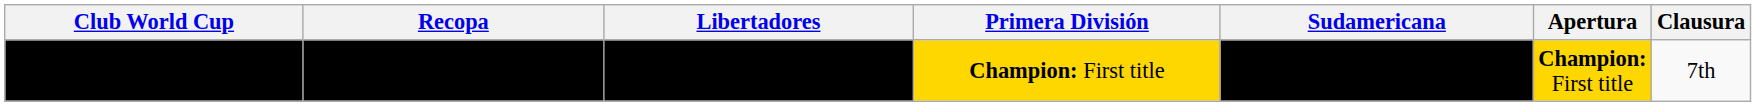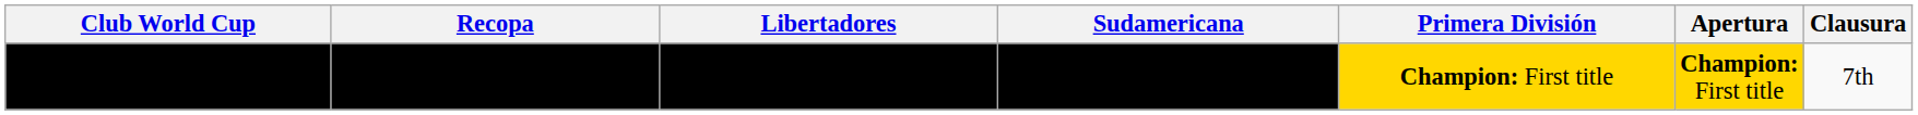 <table class="wikitable">
 <tr>
 <th width= 20%><a href='#'>Club World Cup</a></th>
 <th width= 20%><a href='#'>Recopa</a></th>
 <th width= 20%><a href='#'>Libertadores</a></th>
+<th width= 20%><a href='#'>Sudamericana</a></th>
 <th width= 20%><a href='#'>Primera División</a></th>
-<th width= 20%><a href='#'>Sudamericana</a></th>
 <th width= 20%>Apertura</th>
 <th width= 20%>Clausura</th>
 </tr>
 <tr align="center">
 <td bgcolor = "#000000"></td>
 <td bgcolor = "#000000"></td>
 <td bgcolor = "#000000"></td>
+<td bgcolor = "#000000"></td>
 <td bgcolor = "#FFD700"><strong>Champion:</strong> First title</td>
-<td bgcolor = "#000000"></td>
 <td bgcolor = "#FFD700"><strong>Champion:</strong> First title</td>
 <td>7th</td>
 </tr>
 </table>
